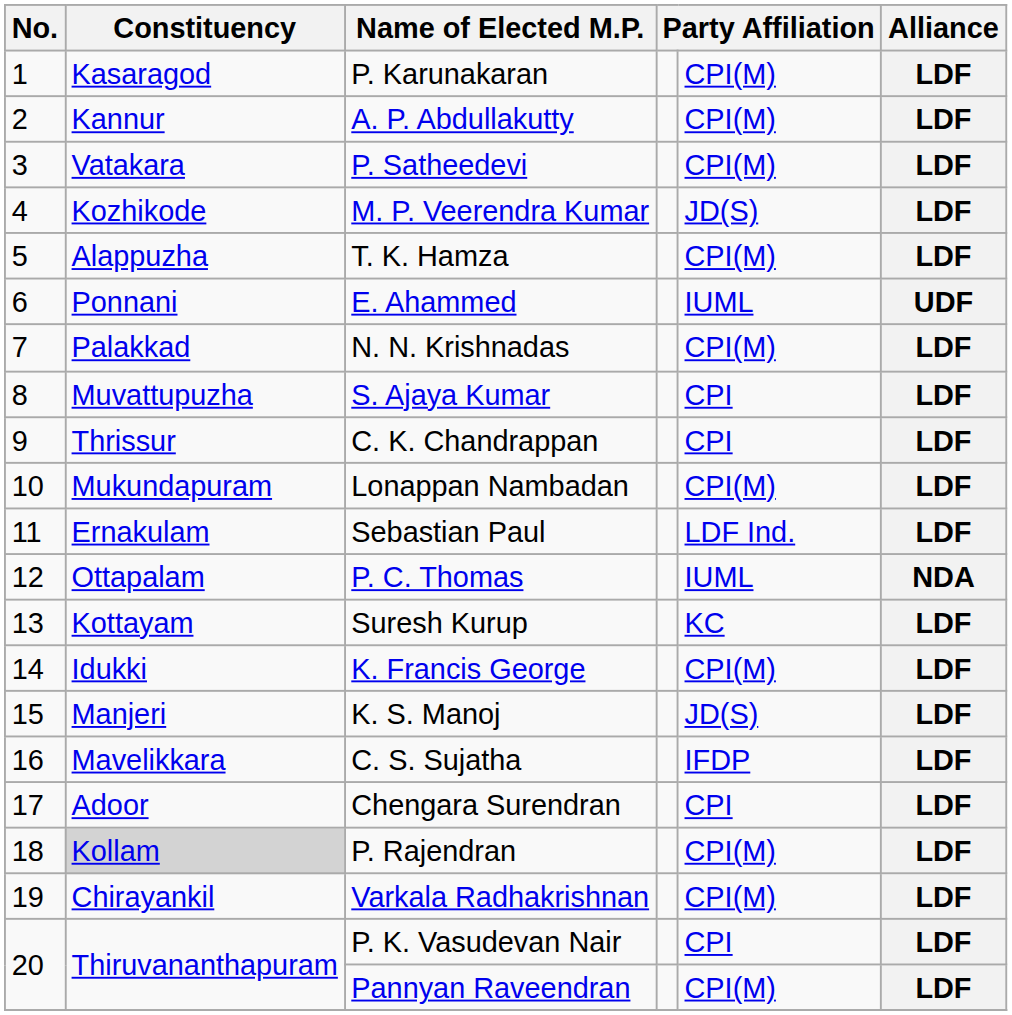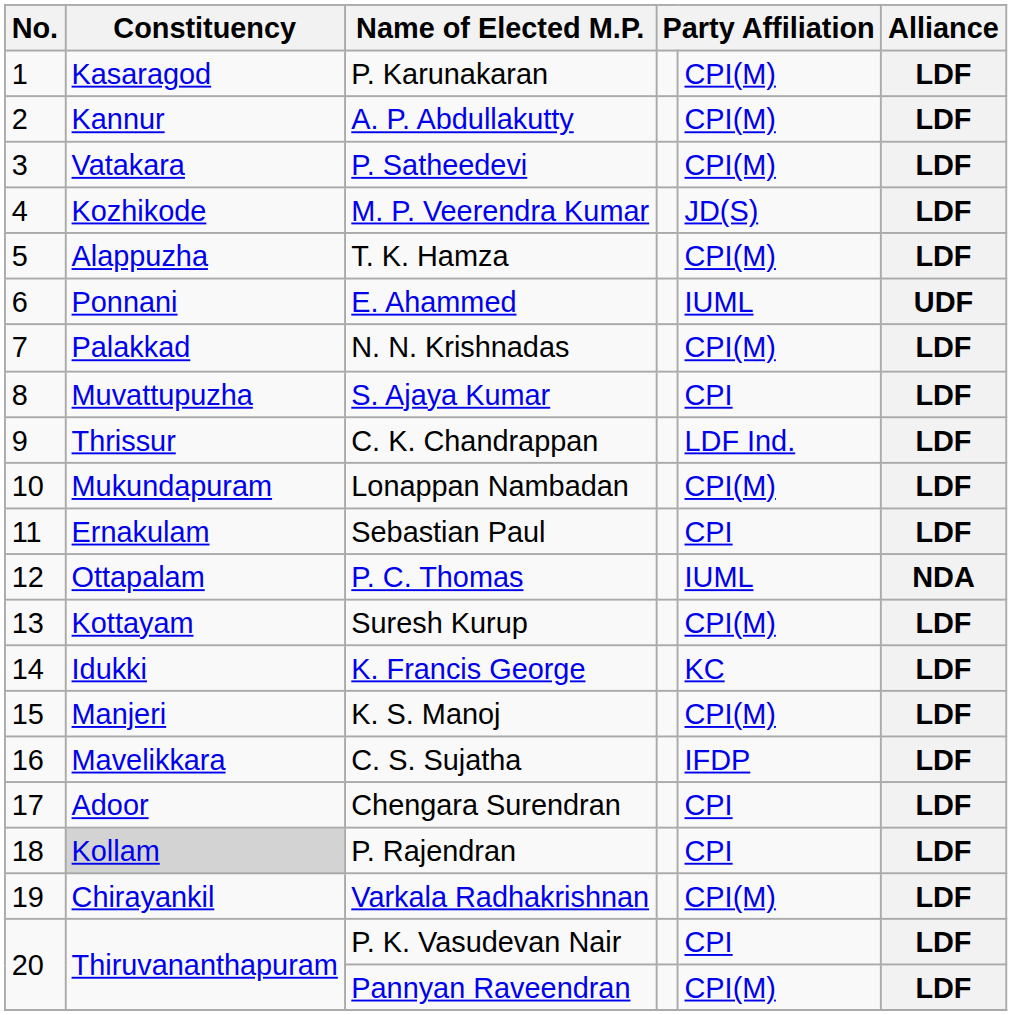 <table class="wikitable" style="font-size:95%;">
 <tr>
 <th>No.</th>
 <th>Constituency</th>
 <th>Name of Elected M.P.</th>
 <th colspan=2>Party Affiliation</th>
 <th colspan=2>Alliance</th>
 </tr>
 <tr>
 <td>1</td>
 <td><a href='#'>Kasaragod</a></td>
 <td>P. Karunakaran</td>
 <td></td>
 <td><a href='#'>CPI(M)</a></td>
 <th Style="background:">LDF</th>
 </tr>
 <tr>
 <td>2</td>
 <td><a href='#'>Kannur</a></td>
 <td><a href='#'>A. P. Abdullakutty</a></td>
 <td></td>
 <td><a href='#'>CPI(M)</a></td>
 <th Style="background:">LDF</th>
 </tr>
 <tr>
 <td>3</td>
 <td><a href='#'>Vatakara</a></td>
 <td><a href='#'>P. Satheedevi</a></td>
 <td></td>
 <td><a href='#'>CPI(M)</a></td>
 <th Style="background:">LDF</th>
 </tr>
 <tr>
 <td>4</td>
 <td><a href='#'>Kozhikode</a></td>
 <td><a href='#'>M. P. Veerendra Kumar</a></td>
 <td></td>
 <td><a href='#'>JD(S)</a></td>
 <th Style="background:">LDF</th>
 </tr>
 <tr>
 <td>5</td>
 <td><a href='#'>Alappuzha</a></td>
 <td>T. K. Hamza</td>
 <td></td>
 <td><a href='#'>CPI(M)</a></td>
 <th Style="background:">LDF</th>
 </tr>
 <tr>
 <td>6</td>
 <td><a href='#'>Ponnani</a></td>
 <td><a href='#'>E. Ahammed</a></td>
 <td></td>
 <td><a href='#'>IUML</a></td>
 <th Style="background:">UDF</th>
 </tr>
 <tr>
 <td>7</td>
 <td><a href='#'>Palakkad</a></td>
 <td>N. N. Krishnadas</td>
 <td></td>
 <td><a href='#'>CPI(M)</a></td>
 <th Style="background:">LDF</th>
 </tr>
 <tr>
 <td>8</td>
 <td><a href='#'>Muvattupuzha</a></td>
 <td><a href='#'>S. Ajaya Kumar</a></td>
 <td></td>
 <td><a href='#'>CPI</a></td>
 <th Style="background:">LDF</th>
 </tr>
 <tr>
 <td>9</td>
 <td><a href='#'>Thrissur</a></td>
 <td>C. K. Chandrappan</td>
 <td></td>
-<td><a href='#'>CPI</a></td>
+<td><a href='#'>LDF Ind.</a></td>
 <th Style="background:">LDF</th>
 </tr>
 <tr>
 <td>10</td>
 <td><a href='#'>Mukundapuram</a></td>
 <td>Lonappan Nambadan</td>
 <td></td>
 <td><a href='#'>CPI(M)</a></td>
 <th Style="background:">LDF</th>
 </tr>
 <tr>
 <td>11</td>
 <td><a href='#'>Ernakulam</a></td>
 <td>Sebastian Paul</td>
 <td></td>
-<td><a href='#'>LDF Ind.</a></td>
+<td><a href='#'>CPI</a></td>
 <th Style="background:">LDF</th>
 </tr>
 <tr>
 <td>12</td>
 <td><a href='#'>Ottapalam</a></td>
 <td><a href='#'>P. C. Thomas</a></td>
 <td></td>
 <td><a href='#'>IUML</a></td>
 <th Style="background:">NDA</th>
 </tr>
 <tr>
 <td>13</td>
 <td><a href='#'>Kottayam</a></td>
 <td>Suresh Kurup</td>
 <td></td>
-<td><a href='#'>KC</a></td>
+<td><a href='#'>CPI(M)</a></td>
 <th Style="background:">LDF</th>
 </tr>
 <tr>
 <td>14</td>
 <td><a href='#'>Idukki</a></td>
 <td><a href='#'>K. Francis George</a></td>
 <td></td>
-<td><a href='#'>CPI(M)</a></td>
+<td><a href='#'>KC</a></td>
 <th Style="background:">LDF</th>
 </tr>
 <tr>
 <td>15</td>
 <td><a href='#'>Manjeri</a></td>
 <td>K. S. Manoj</td>
 <td></td>
-<td><a href='#'>JD(S)</a></td>
+<td><a href='#'>CPI(M)</a></td>
 <th Style="background:">LDF</th>
 </tr>
 <tr>
 <td>16</td>
 <td><a href='#'>Mavelikkara</a></td>
 <td>C. S. Sujatha</td>
 <td></td>
 <td><a href='#'>IFDP</a></td>
 <th Style="background:">LDF</th>
 </tr>
 <tr>
 <td>17</td>
 <td><a href='#'>Adoor</a></td>
 <td>Chengara Surendran</td>
 <td></td>
 <td><a href='#'>CPI</a></td>
 <th Style="background:">LDF</th>
 </tr>
 <tr>
 <td>18</td>
 <td style="background: lightgrey;"><a href='#'>Kollam</a></td>
 <td>P. Rajendran</td>
 <td></td>
-<td><a href='#'>CPI(M)</a></td>
+<td><a href='#'>CPI</a></td>
 <th Style="background:">LDF</th>
 </tr>
 <tr>
 <td>19</td>
 <td><a href='#'>Chirayankil</a></td>
 <td><a href='#'>Varkala Radhakrishnan</a></td>
 <td></td>
 <td><a href='#'>CPI(M)</a></td>
 <th Style="background:">LDF</th>
 </tr>
 <tr>
 <td rowspan="2">20</td>
 <td rowspan="2"><a href='#'>Thiruvananthapuram</a></td>
 <td>P. K. Vasudevan Nair</td>
 <td></td>
 <td><a href='#'>CPI</a></td>
 <th Style="background:">LDF</th>
 </tr>
 <tr>
 <td><a href='#'>Pannyan Raveendran</a></td>
 <td></td>
 <td><a href='#'>CPI(M)</a></td>
 <th Style="background:">LDF</th>
 </tr>
 <tr>
 </tr>
 </table>
